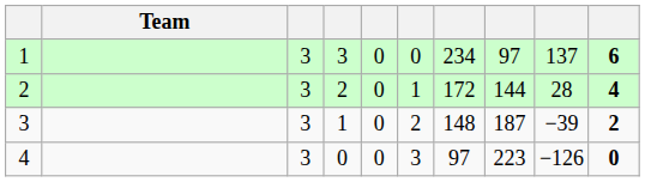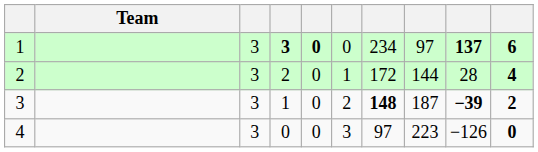 <table class=wikitable style=text-align:center>
 <tr>
 <th width=20 abbr=Position></th>
 <th width=175>Team</th>
 <th width=20 abbr=Played></th>
 <th width=20 abbr=Won></th>
 <th width=20 abbr=Drawn></th>
 <th width=20 abbr=Lost></th>
 <th width=30 abbr=Goal For></th>
 <th width=30 abbr=Goal Against></th>
 <th width=30 abbr=Goal Difference></th>
 <th width=30 abbr=Points></th>
 </tr>
 <tr bgcolor=#CCFFCC>
 <td>1 </td>
 <td align=left></td>
 <td>3</td>
-<td>3</td>
-<td>0</td>
+<td><strong>3</strong></td>
+<td><strong>0</strong></td>
 <td>0</td>
 <td>234</td>
 <td>97</td>
-<td>137</td>
+<td><strong>137</strong></td>
 <td><strong>6</strong></td>
 </tr>
 <tr bgcolor=#CCFFCC>
 <td>2 </td>
 <td align=left></td>
 <td>3</td>
 <td>2</td>
 <td>0</td>
 <td>1</td>
 <td>172</td>
 <td>144</td>
 <td>28</td>
 <td><strong>4</strong></td>
 </tr>
 <tr>
 <td>3 </td>
 <td align=left></td>
 <td>3</td>
 <td>1</td>
 <td>0</td>
 <td>2</td>
-<td>148</td>
+<td><strong>148</strong></td>
 <td>187</td>
-<td>−39</td>
+<td><strong>−39</strong></td>
 <td><strong>2</strong></td>
 </tr>
 <tr>
 <td>4 </td>
 <td align=left></td>
 <td>3</td>
 <td>0</td>
 <td>0</td>
 <td>3</td>
 <td>97</td>
 <td>223</td>
 <td>−126</td>
 <td><strong>0</strong></td>
 </tr>
 </table>
